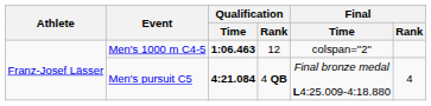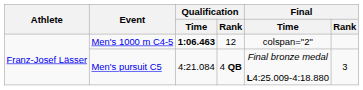 <table class=wikitable style=font-size:95%;text-align:center>
 <tr>
 <th rowspan="2">Athlete</th>
 <th rowspan="2">Event</th>
 <th colspan="2">Qualification</th>
 <th colspan="2">Final</th>
 </tr>
 <tr>
 <th>Time</th>
 <th>Rank</th>
 <th>Time</th>
 <th>Rank</th>
 </tr>
 <tr align="center">
 <td rowspan="2" align="left"><a href='#'>Franz-Josef Lässer</a></td>
 <td align="left"><a href='#'>Men's 1000 m C4-5</a></td>
 <td><strong>1:06.463</strong></td>
 <td>12</td>
 <td>colspan="2" </td>
 </tr>
 <tr align="center">
 <td align="left"><a href='#'>Men's pursuit C5</a></td>
-<td><strong>4:21.084</strong></td>
+<td>4:21.084</td>
 <td>4 <strong>QB</strong></td>
 <td><em>Final bronze medal</em><br><br><strong>L</strong>4:25.009-4:18.880</td>
-<td>4</td>
+<td>3</td>
 </tr>
 </table>
